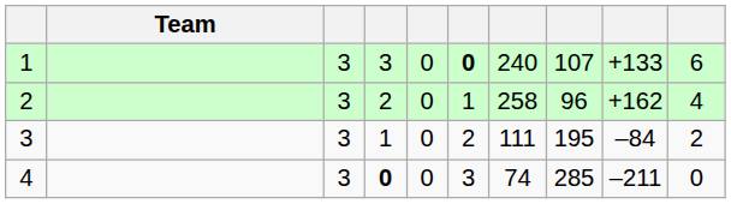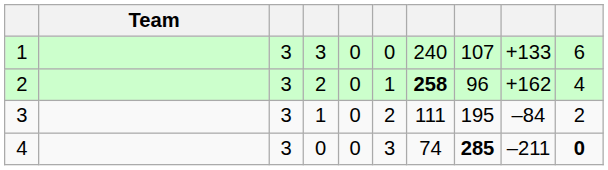 <table class=wikitable style=text-align:center>
 <tr>
 <th width=20 abbr=Position></th>
 <th width=175>Team</th>
 <th width=20 abbr=Played></th>
 <th width=20 abbr=Won></th>
 <th width=20 abbr=Drawn></th>
 <th width=20 abbr=Lost></th>
 <th width=30 abbr=Goal for></th>
 <th width=30 abbr=Goal against></th>
 <th width=30 abbr=Goal difference></th>
 <th width=30 abbr=Points></th>
 </tr>
 <tr bgcolor=#CCFFCC>
 <td>1</td>
 <td align=left></td>
 <td>3</td>
 <td>3</td>
 <td>0</td>
-<td><strong>0</strong></td>
+<td>0</td>
 <td>240</td>
 <td>107</td>
 <td>+133</td>
 <td>6</td>
 </tr>
 <tr bgcolor=#CCFFCC>
 <td>2</td>
 <td align=left></td>
 <td>3</td>
 <td>2</td>
 <td>0</td>
 <td>1</td>
-<td>258</td>
+<td><strong>258</strong></td>
 <td>96</td>
 <td>+162</td>
 <td>4</td>
 </tr>
 <tr>
 <td>3</td>
 <td align=left></td>
 <td>3</td>
 <td>1</td>
 <td>0</td>
 <td>2</td>
 <td>111</td>
 <td>195</td>
 <td>–84</td>
 <td>2</td>
 </tr>
 <tr>
 <td>4</td>
 <td align=left></td>
 <td>3</td>
-<td><strong>0</strong></td>
+<td>0</td>
 <td>0</td>
 <td>3</td>
 <td>74</td>
-<td>285</td>
+<td><strong>285</strong></td>
 <td>–211</td>
-<td>0</td>
+<td><strong>0</strong></td>
 </tr>
 </table>
